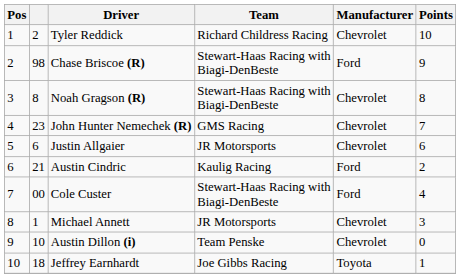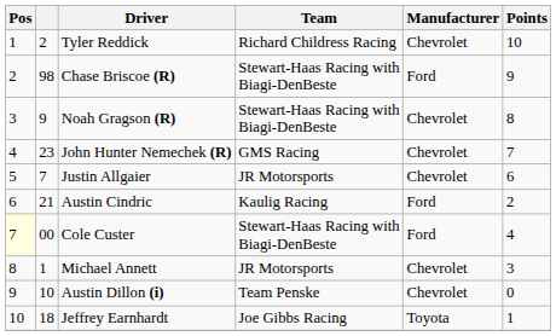 <table class="wikitable" style="font-size:98%">
 <tr>
 <th>Pos</th>
 <th></th>
 <th>Driver</th>
 <th>Team</th>
 <th>Manufacturer</th>
 <th>Points</th>
 </tr>
 <tr>
 <td>1</td>
 <td>2</td>
 <td>Tyler Reddick</td>
 <td>Richard Childress Racing</td>
 <td>Chevrolet</td>
 <td>10</td>
 </tr>
 <tr>
 <td>2</td>
 <td>98</td>
 <td>Chase Briscoe <strong>(R)</strong></td>
 <td>Stewart-Haas Racing with<br>Biagi-DenBeste</td>
 <td>Ford</td>
 <td>9</td>
 </tr>
 <tr>
 <td>3</td>
-<td>8</td>
+<td>9</td>
 <td>Noah Gragson <strong>(R)</strong></td>
 <td>Stewart-Haas Racing with<br>Biagi-DenBeste</td>
 <td>Chevrolet</td>
 <td>8</td>
 </tr>
 <tr>
 <td>4</td>
 <td>23</td>
 <td>John Hunter Nemechek <strong>(R)</strong></td>
 <td>GMS Racing</td>
 <td>Chevrolet</td>
 <td>7</td>
 </tr>
 <tr>
 <td>5</td>
-<td>6</td>
+<td>7</td>
 <td>Justin Allgaier</td>
 <td>JR Motorsports</td>
 <td>Chevrolet</td>
 <td>6</td>
 </tr>
 <tr>
 <td>6</td>
 <td>21</td>
 <td>Austin Cindric</td>
 <td>Kaulig Racing</td>
 <td>Ford</td>
 <td>2</td>
 </tr>
 <tr>
-<td>7</td>
+<td style="background: lightyellow;">7</td>
 <td>00</td>
 <td>Cole Custer</td>
 <td>Stewart-Haas Racing with<br>Biagi-DenBeste</td>
 <td>Ford</td>
 <td>4</td>
 </tr>
 <tr>
 <td>8</td>
 <td>1</td>
 <td>Michael Annett</td>
 <td>JR Motorsports</td>
 <td>Chevrolet</td>
 <td>3</td>
 </tr>
 <tr>
 <td>9</td>
 <td>10</td>
 <td>Austin Dillon <strong>(i)</strong></td>
 <td>Team Penske</td>
 <td>Chevrolet</td>
 <td>0</td>
 </tr>
 <tr>
 <td>10</td>
 <td>18</td>
 <td>Jeffrey Earnhardt</td>
 <td>Joe Gibbs Racing</td>
 <td>Toyota</td>
 <td>1</td>
 </tr>
 <tr>
 </tr>
 </table>
